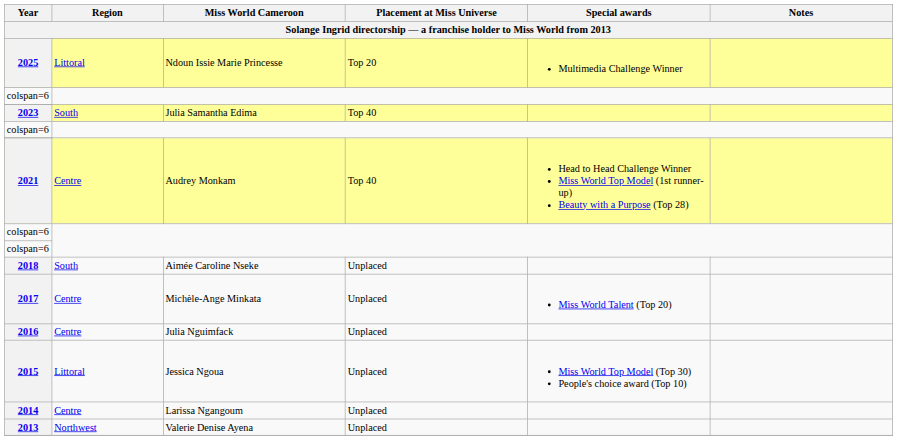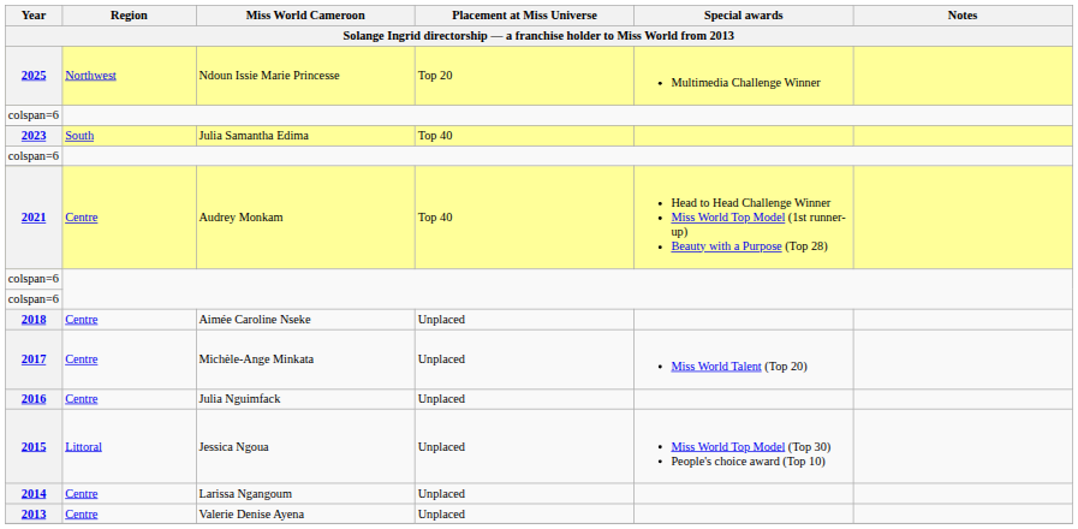 <table class="wikitable " style="font-size: 90%;">
 <tr>
 <th width="60">Year</th>
 <th width="150">Region</th>
 <th width="250">Miss World Cameroon</th>
 <th width="250">Placement at Miss Universe</th>
 <th width="250">Special awards</th>
 <th width="250">Notes</th>
 </tr>
 <tr>
 <th colspan="6">Solange Ingrid directorship — a franchise holder to Miss World from 2013</th>
 </tr>
 <tr style="background-color:#FFFF99;">
 <th><a href='#'>2025</a></th>
-<td><a href='#'>Littoral</a></td>
+<td><a href='#'>Northwest</a></td>
 <td>Ndoun Issie Marie Princesse</td>
 <td>Top 20</td>
 <td><br><ul><li>Multimedia Challenge Winner</li></ul></td>
 <td></td>
 </tr>
 <tr>
 <td>colspan=6 </td>
 </tr>
 <tr>
 </tr>
 <tr style="background-color:#FFFF99;">
 <th><a href='#'>2023</a></th>
 <td><a href='#'>South</a></td>
 <td>Julia Samantha Edima</td>
 <td>Top 40</td>
 <td></td>
 <td></td>
 </tr>
 <tr>
 <td>colspan=6 </td>
 </tr>
 <tr>
 </tr>
 <tr style="background-color:#FFFF99;">
 <th><a href='#'>2021</a></th>
 <td><a href='#'>Centre</a></td>
 <td>Audrey Monkam</td>
 <td>Top 40</td>
 <td><br><ul><li>Head to Head Challenge Winner</li><li><a href='#'>Miss World Top Model</a> (1st runner-up)</li><li><a href='#'>Beauty with a Purpose</a> (Top 28)</li></ul></td>
 <td></td>
 </tr>
 <tr>
 <td>colspan=6 </td>
 </tr>
 <tr>
 <td>colspan=6 </td>
 </tr>
 <tr>
 <th><a href='#'>2018</a></th>
-<td><a href='#'>South</a></td>
+<td><a href='#'>Centre</a></td>
 <td>Aimée Caroline Nseke</td>
 <td>Unplaced</td>
 <td></td>
 <td></td>
 </tr>
 <tr>
 <th><a href='#'>2017</a></th>
 <td><a href='#'>Centre</a></td>
 <td>Michèle-Ange Minkata</td>
 <td>Unplaced</td>
 <td align="left"><br><ul><li><a href='#'>Miss World Talent</a> (Top 20)</li></ul></td>
 <td></td>
 </tr>
 <tr>
 <th><a href='#'>2016</a></th>
 <td><a href='#'>Centre</a></td>
 <td>Julia Nguimfack</td>
 <td>Unplaced</td>
 <td></td>
 <td></td>
 </tr>
 <tr>
 <th><a href='#'>2015</a></th>
 <td><a href='#'>Littoral</a></td>
 <td>Jessica Ngoua</td>
 <td>Unplaced</td>
 <td align="left"><br><ul><li><a href='#'>Miss World Top Model</a> (Top 30)</li><li>People's choice award (Top 10)</li></ul></td>
 <td></td>
 </tr>
 <tr>
 <th><a href='#'>2014</a></th>
 <td><a href='#'>Centre</a></td>
 <td>Larissa Ngangoum</td>
 <td>Unplaced</td>
 <td></td>
 <td></td>
 </tr>
 <tr>
 <th><a href='#'>2013</a></th>
-<td><a href='#'>Northwest</a></td>
+<td><a href='#'>Centre</a></td>
 <td>Valerie Denise Ayena</td>
 <td>Unplaced</td>
 <td></td>
 <td></td>
 </tr>
 <tr>
 </tr>
 </table>
